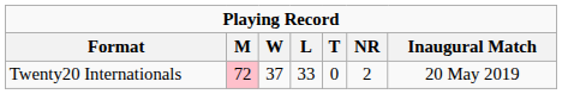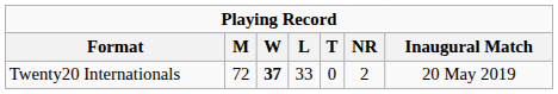 <table class="wikitable" style="text-align: center; width: 500px;">
 <tr>
 <td colspan=7 align="center"><strong>Playing Record</strong></td>
 </tr>
 <tr>
 <th>Format</th>
 <th>M</th>
 <th>W</th>
 <th>L</th>
 <th>T</th>
 <th>NR</th>
 <th>Inaugural Match</th>
 </tr>
 <tr>
 <td align="left">Twenty20 Internationals</td>
-<td style="background: pink;">72</td>
-<td>37</td>
+<td>72</td>
+<td><strong>37</strong></td>
 <td>33</td>
 <td>0</td>
 <td>2</td>
 <td>20 May 2019</td>
 </tr>
 </table>
